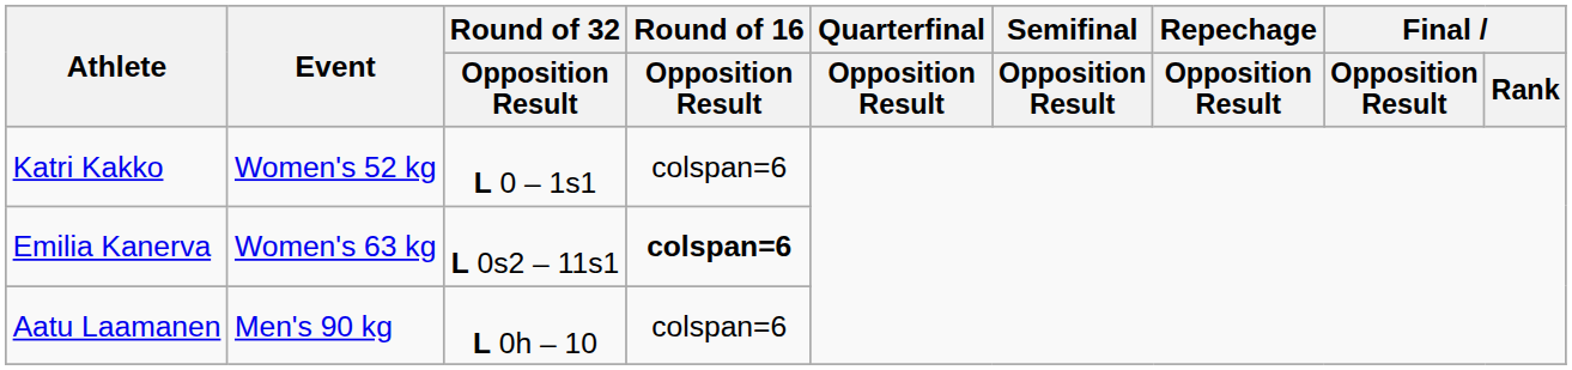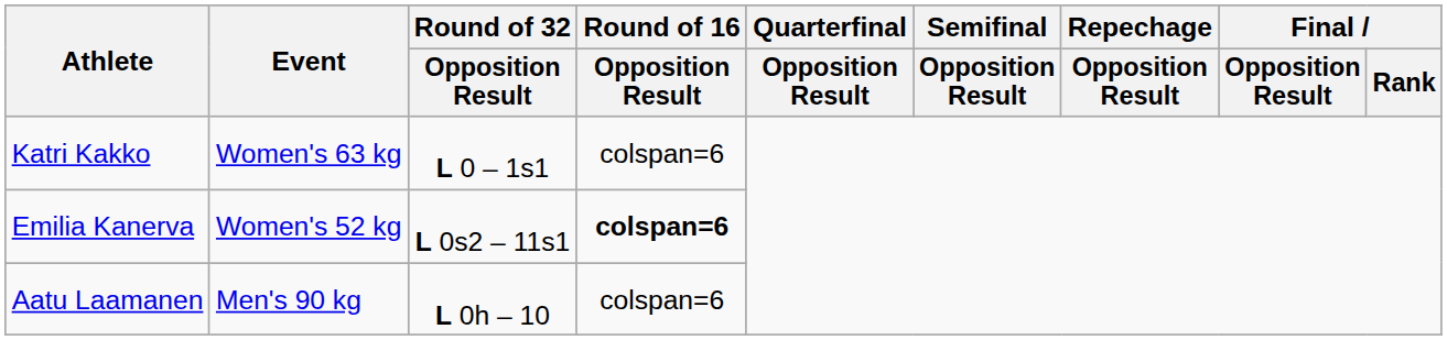 <table class=wikitable style=font-size:90%;text-align:center>
 <tr>
 <th rowspan=2>Athlete</th>
 <th rowspan=2>Event</th>
 <th>Round of 32</th>
 <th>Round of 16</th>
 <th>Quarterfinal</th>
 <th>Semifinal</th>
 <th>Repechage</th>
 <th colspan=2>Final / </th>
 </tr>
 <tr style=font-size:95%>
 <th>Opposition<br>Result</th>
 <th>Opposition<br>Result</th>
 <th>Opposition<br>Result</th>
 <th>Opposition<br>Result</th>
 <th>Opposition<br>Result</th>
 <th>Opposition<br>Result</th>
 <th>Rank</th>
 </tr>
 <tr>
 <td align=left><a href='#'>Katri Kakko</a></td>
-<td align=left><a href='#'>Women's 52 kg</a></td>
+<td align=left><a href='#'>Women's 63 kg</a></td>
 <td><br><strong>L</strong> 0 – 1s1</td>
 <td>colspan=6 </td>
 </tr>
 <tr>
 <td align=left><a href='#'>Emilia Kanerva</a></td>
-<td align=left><a href='#'>Women's 63 kg</a></td>
+<td align=left><a href='#'>Women's 52 kg</a></td>
 <td><br><strong>L</strong> 0s2 – 11s1</td>
 <td><strong>colspan=6 </strong></td>
 </tr>
 <tr>
 <td align=left><a href='#'>Aatu Laamanen</a></td>
 <td align=left><a href='#'>Men's 90 kg</a></td>
 <td><br><strong>L</strong> 0h – 10</td>
 <td>colspan=6 </td>
 </tr>
 </table>
